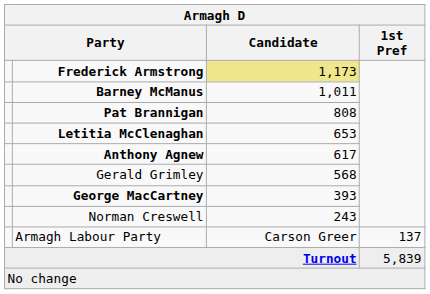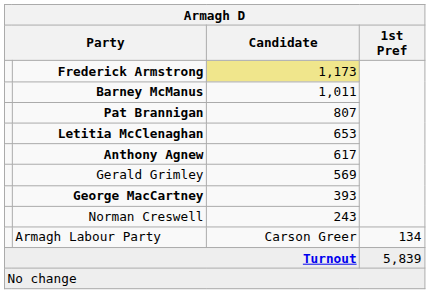 <table class="wikitable">
 <tr>
 <th colspan="4" align="center">Armagh D</th>
 </tr>
 <tr>
 <th colspan="2" align="center" width=200>Party</th>
 <th width=150>Candidate</th>
 <th width=60>1st Pref</th>
 </tr>
 <tr>
 <td></td>
 <td align="right"><strong>Frederick Armstrong</strong></td>
 <td align="right" style="background: khaki;">1,173</td>
 </tr>
 <tr>
 <td></td>
 <td align="right"><strong>Barney McManus</strong></td>
 <td align="right">1,011</td>
 </tr>
 <tr>
 <td></td>
 <td align="right"><strong>Pat Brannigan</strong></td>
-<td align="right">808</td>
+<td align="right">807</td>
 </tr>
 <tr>
 <td></td>
 <td align="right"><strong>Letitia McClenaghan</strong></td>
 <td align="right">653</td>
 </tr>
 <tr>
 <td></td>
 <td align="right"><strong>Anthony Agnew</strong></td>
 <td align="right">617</td>
 </tr>
 <tr>
 <td></td>
 <td align="right">Gerald Grimley</td>
-<td align="right">568</td>
+<td align="right">569</td>
 </tr>
 <tr>
 <td></td>
 <td align="right"><strong>George MacCartney</strong></td>
 <td align="right">393</td>
 </tr>
 <tr>
 <td></td>
 <td align="right">Norman Creswell</td>
 <td align="right">243</td>
 </tr>
 <tr>
 <td style="background-color: "></td>
 <td>Armagh Labour Party</td>
 <td align="right">Carson Greer</td>
-<td align="right">137</td>
+<td align="right">134</td>
 </tr>
 <tr bgcolor="EEEEEE">
 <td colspan=3 align="right"><strong><a href='#'>Turnout</a></strong></td>
 <td align="right">5,839</td>
 </tr>
 <tr>
 <td colspan=4 bgcolor="EEEEEE">No change</td>
 </tr>
 </table>
